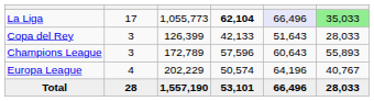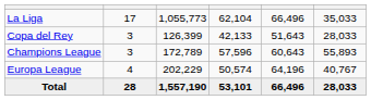 <table class="wikitable" style="text-align: center">
 <tr>
 <th></th>
 <th style="width:70px;"></th>
 <th style="width:70px;"></th>
 <th style="width:70px;"></th>
 <th style="width:70px;"></th>
 <th style="width:70px;"></th>
 </tr>
 <tr>
 <td align=left><a href='#'>La Liga</a></td>
 <td>17</td>
 <td>1,055,773</td>
-<td><strong>62,104</strong></td>
-<td style="background: lavender;">66,496</td>
-<td style="background: lightgreen;">35,033</td>
+<td>62,104</td>
+<td>66,496</td>
+<td>35,033</td>
 </tr>
 <tr>
 <td align=left><a href='#'>Copa del Rey</a></td>
 <td>3</td>
 <td>126,399</td>
 <td>42,133</td>
 <td>51,643</td>
 <td>28,033</td>
 </tr>
 <tr>
 <td align=left><a href='#'>Champions League</a></td>
 <td>3</td>
 <td>172,789</td>
 <td>57,596</td>
 <td>60,643</td>
 <td>55,893</td>
 </tr>
 <tr>
 <td align=left><a href='#'>Europa League</a></td>
 <td>4</td>
 <td>202,229</td>
 <td>50,574</td>
 <td>64,196</td>
 <td>40,767</td>
 </tr>
 <tr bgcolor="#EFEFEF">
 <td><strong>Total</strong></td>
 <td><strong>28</strong></td>
 <td><strong>1,557,190</strong></td>
 <td><strong>53,101</strong></td>
 <td><strong>66,496</strong></td>
 <td><strong>28,033</strong></td>
 </tr>
 </table>
